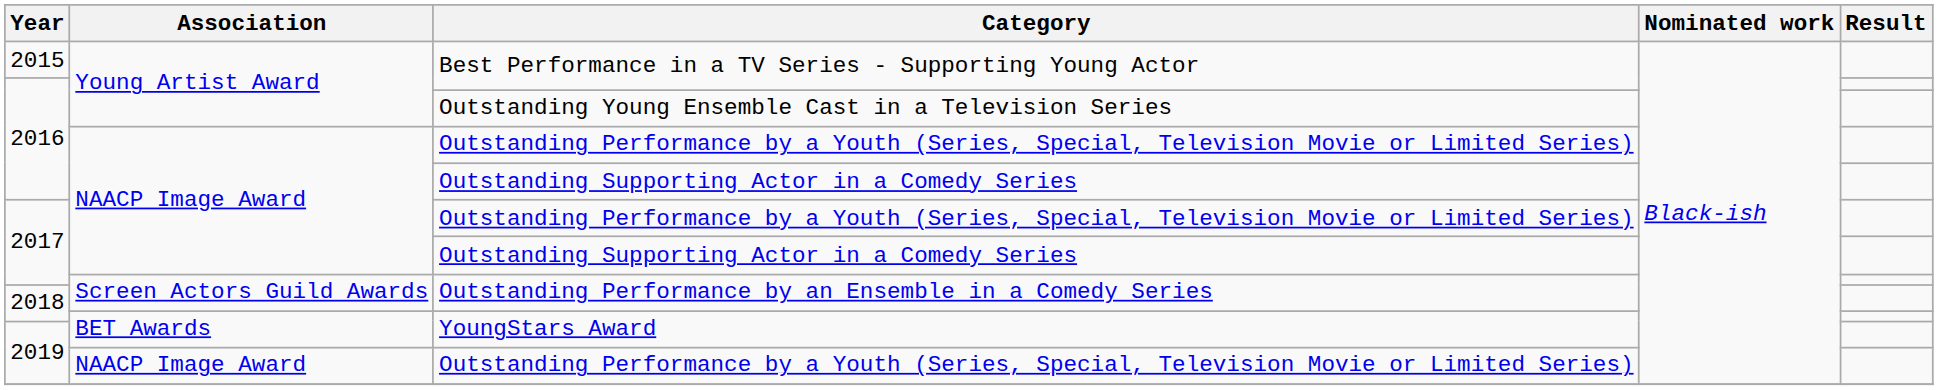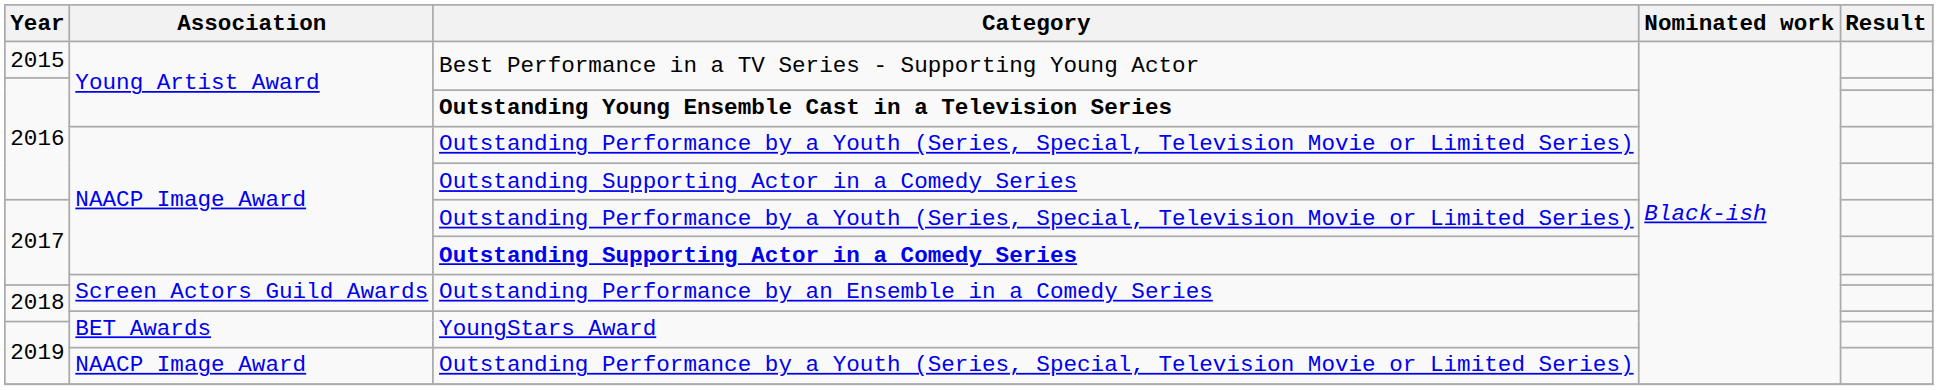 <table class="wikitable sortable">
 <tr>
 <th>Year</th>
 <th>Association</th>
 <th>Category</th>
 <th>Nominated work</th>
 <th>Result</th>
 </tr>
 <tr>
 <td>2015</td>
 <td rowspan="3"><a href='#'>Young Artist Award</a></td>
 <td rowspan="2">Best Performance in a TV Series - Supporting Young Actor</td>
 <td rowspan="12"><em><a href='#'>Black-ish</a></em></td>
 <td></td>
 </tr>
 <tr>
 <td rowspan="4">2016</td>
 <td></td>
 </tr>
 <tr>
-<td>Outstanding Young Ensemble Cast in a Television Series</td>
+<td><strong>Outstanding Young Ensemble Cast in a Television Series</strong></td>
 <td></td>
 </tr>
 <tr>
 <td rowspan="4"><a href='#'>NAACP Image Award</a></td>
 <td><a href='#'>Outstanding Performance by a Youth (Series, Special, Television Movie or Limited Series)</a></td>
 <td></td>
 </tr>
 <tr>
 <td><a href='#'>Outstanding Supporting Actor in a Comedy Series</a></td>
 <td></td>
 </tr>
 <tr>
 <td rowspan="3">2017</td>
 <td><a href='#'>Outstanding Performance by a Youth (Series, Special, Television Movie or Limited Series)</a></td>
 <td></td>
 </tr>
 <tr>
-<td><a href='#'>Outstanding Supporting Actor in a Comedy Series</a></td>
+<td><strong><a href='#'>Outstanding Supporting Actor in a Comedy Series</a></strong></td>
 <td></td>
 </tr>
 <tr>
 <td rowspan="2"><a href='#'>Screen Actors Guild Awards</a></td>
 <td rowspan="2"><a href='#'>Outstanding Performance by an Ensemble in a Comedy Series</a></td>
 <td></td>
 </tr>
 <tr>
 <td rowspan="2">2018</td>
 <td></td>
 </tr>
 <tr>
 <td rowspan="2"><a href='#'>BET Awards</a></td>
 <td rowspan="2"><a href='#'>YoungStars Award</a></td>
 <td></td>
 </tr>
 <tr>
 <td rowspan="2">2019</td>
 <td></td>
 </tr>
 <tr>
 <td><a href='#'>NAACP Image Award</a></td>
 <td><a href='#'>Outstanding Performance by a Youth (Series, Special, Television Movie or Limited Series)</a></td>
 <td></td>
 </tr>
 <tr>
 </tr>
 </table>
